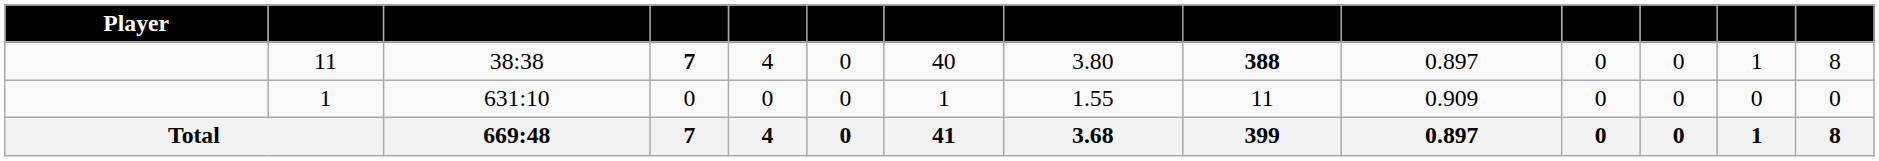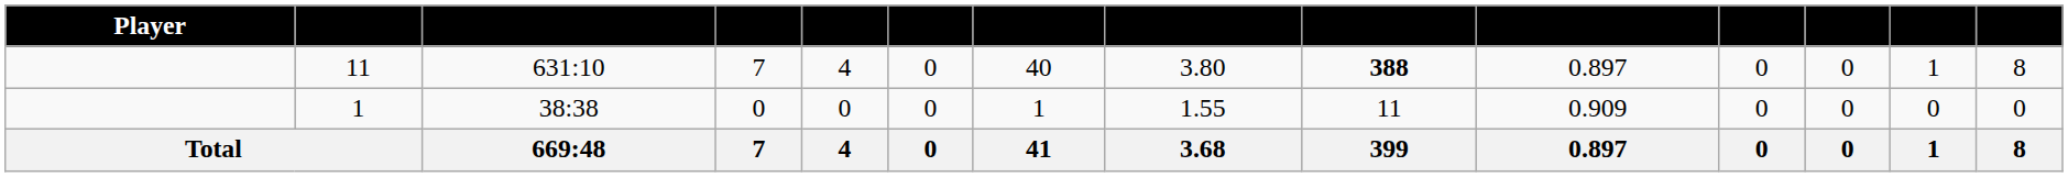 <table class="wikitable sortable" style="width:100%; text-align:center;">
 <tr>
 <th style="color:white; background:#000000; ">Player</th>
 <th style="color:white; background:#000000; "></th>
 <th style="color:white; background:#000000; "></th>
 <th style="color:white; background:#000000; "></th>
 <th style="color:white; background:#000000; "></th>
 <th style="color:white; background:#000000; "></th>
 <th style="color:white; background:#000000; "></th>
 <th style="color:white; background:#000000; "></th>
 <th style="color:white; background:#000000; "></th>
 <th style="color:white; background:#000000; "></th>
 <th style="color:white; background:#000000; "></th>
 <th style="color:white; background:#000000; "></th>
 <th style="color:white; background:#000000; "></th>
 <th style="color:white; background:#000000; "></th>
 </tr>
 <tr>
 <td></td>
 <td>11</td>
-<td>38:38</td>
-<td><strong>7</strong></td>
+<td>631:10</td>
+<td>7</td>
 <td>4</td>
 <td>0</td>
 <td>40</td>
 <td>3.80</td>
 <td><strong>388</strong></td>
 <td>0.897</td>
 <td>0</td>
 <td>0</td>
 <td>1</td>
 <td>8</td>
 </tr>
 <tr>
 <td></td>
 <td>1</td>
-<td>631:10</td>
+<td>38:38</td>
 <td>0</td>
 <td>0</td>
 <td>0</td>
 <td>1</td>
 <td>1.55</td>
 <td>11</td>
 <td>0.909</td>
 <td>0</td>
 <td>0</td>
 <td>0</td>
 <td>0</td>
 </tr>
 <tr class="sortbottom">
 <th colspan=2>Total</th>
 <th>669:48</th>
 <th>7</th>
 <th>4</th>
 <th>0</th>
 <th>41</th>
 <th>3.68</th>
 <th>399</th>
 <th>0.897</th>
 <th>0</th>
 <th>0</th>
 <th>1</th>
 <th>8</th>
 </tr>
 </table>
